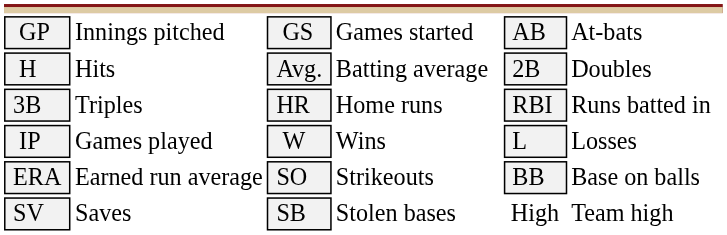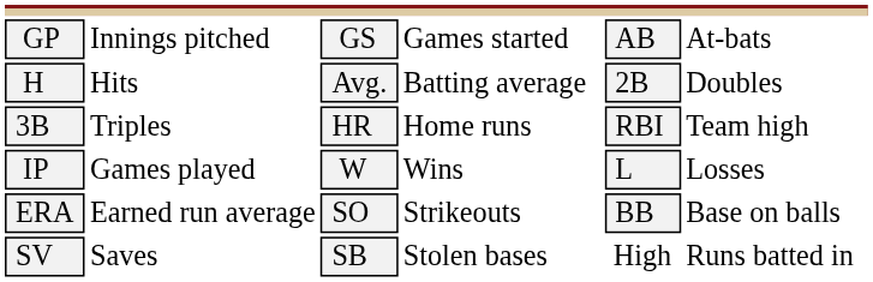 <table class="toccolours" style="font-size: 100%; white-space: nowrap;">
 <tr>
 <th colspan="15" style="background:#841617; border-bottom:#DDCBA4 4px solid; text-align: center;"></th>
 </tr>
 <tr>
 <td style="background-color: #F2F2F2; border: 1px solid black;">  GP </td>
 <td style="padding-right: 5px">Innings pitched</td>
 <td style="background-color: #F2F2F2; border: 1px solid black">  GS </td>
 <td>Games started</td>
 <td style="background-color: #F2F2F2; border: 1px solid black"> AB </td>
 <td>At-bats</td>
 </tr>
 <tr>
 <td style="background-color: #F2F2F2; border: 1px solid black">  H </td>
 <td style="padding-right: 8px">Hits</td>
 <td style="background-color: #F2F2F2; border: 1px solid black"> Avg. </td>
 <td style="padding-right: 8px">Batting average</td>
 <td style="background-color: #F2F2F2; border: 1px solid black;"> 2B </td>
 <td style="padding-right: 8px">Doubles</td>
 </tr>
 <tr>
 <td style="background-color: #F2F2F2; border: 1px solid black;"> 3B </td>
 <td style="padding-right: 8px">Triples</td>
 <td style="background-color: #F2F2F2; border: 1px solid black;"> HR </td>
 <td>Home runs</td>
 <td style="background-color: #F2F2F2; border: 1px solid black;"> RBI </td>
-<td style="padding-right: 8px">Runs batted in</td>
+<td>Team high</td>
 </tr>
 <tr>
 <td style="background-color: #F2F2F2; border: 1px solid black">  IP </td>
 <td>Games played</td>
 <td style="background-color: #F2F2F2; border: 1px solid black">  W</td>
 <td>Wins</td>
 <td style="background-color: #F2F2F2; border: 1px solid black;"> L </td>
 <td>Losses</td>
 </tr>
 <tr>
 <td style="background-color: #F2F2F2; border: 1px solid black"> ERA </td>
 <td>Earned run average</td>
 <td style="background-color: #F2F2F2; border: 1px solid black"> SO </td>
 <td>Strikeouts</td>
 <td style="background-color: #F2F2F2; border: 1px solid black;"> BB </td>
 <td style="padding-right: 8px">Base on balls</td>
 </tr>
 <tr>
 <td style="background-color: #F2F2F2; border: 1px solid black"> SV </td>
 <td>Saves</td>
 <td style="background-color: #F2F2F2; border: 1px solid black;"> SB </td>
 <td style="padding-right: 6px">Stolen bases</td>
 <td> High </td>
-<td>Team high</td>
+<td style="padding-right: 8px">Runs batted in</td>
 </tr>
 <tr>
 </tr>
 </table>
